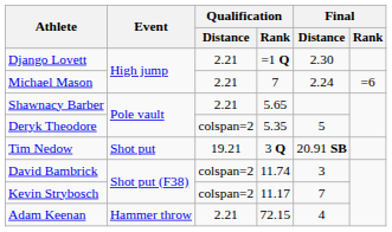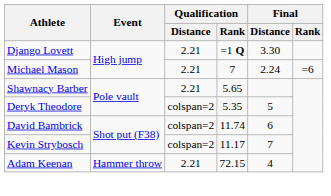 <table class="wikitable" style="font-size:90%">
 <tr>
 <th rowspan=2>Athlete</th>
 <th rowspan=2>Event</th>
 <th colspan=2>Qualification</th>
 <th colspan=2>Final</th>
 </tr>
 <tr style="font-size:95%">
 <th>Distance</th>
 <th>Rank</th>
 <th>Distance</th>
 <th>Rank</th>
 </tr>
 <tr align=center>
 <td align=left><a href='#'>Django Lovett</a></td>
 <td align=left rowspan=2><a href='#'>High jump</a></td>
 <td>2.21</td>
 <td>=1 <strong>Q</strong></td>
-<td>2.30</td>
+<td>3.30</td>
 <td></td>
 </tr>
 <tr align=center>
 <td align=left><a href='#'>Michael Mason</a></td>
 <td>2.21</td>
 <td>7</td>
 <td>2.24</td>
 <td>=6</td>
 </tr>
 <tr align=center>
 <td align=left><a href='#'>Shawnacy Barber</a></td>
 <td align=left rowspan=2><a href='#'>Pole vault</a></td>
 <td>2.21</td>
 <td>5.65</td>
 <td></td>
 </tr>
 <tr align=center>
 <td align=left><a href='#'>Deryk Theodore</a></td>
 <td>colspan=2 </td>
 <td>5.35</td>
 <td>5</td>
 </tr>
 <tr align=center>
-<td align=left><a href='#'>Tim Nedow</a></td>
-<td align=left><a href='#'>Shot put</a></td>
-<td>19.21</td>
-<td>3 <strong>Q</strong></td>
-<td>20.91 <strong>SB</strong></td>
-<td></td>
-</tr>
-<tr align=center>
 <td align=left><a href='#'>David Bambrick</a></td>
 <td align=left rowspan=2><a href='#'>Shot put (F38)</a></td>
 <td>colspan=2 </td>
 <td>11.74</td>
-<td>3</td>
+<td>6</td>
 </tr>
 <tr align=center>
 <td align=left><a href='#'>Kevin Strybosch</a></td>
 <td>colspan=2 </td>
 <td>11.17</td>
 <td>7</td>
 </tr>
 <tr align=center>
 <td align=left><a href='#'>Adam Keenan</a></td>
 <td align=left><a href='#'>Hammer throw</a></td>
 <td>2.21</td>
 <td>72.15</td>
 <td>4</td>
 </tr>
 </table>
